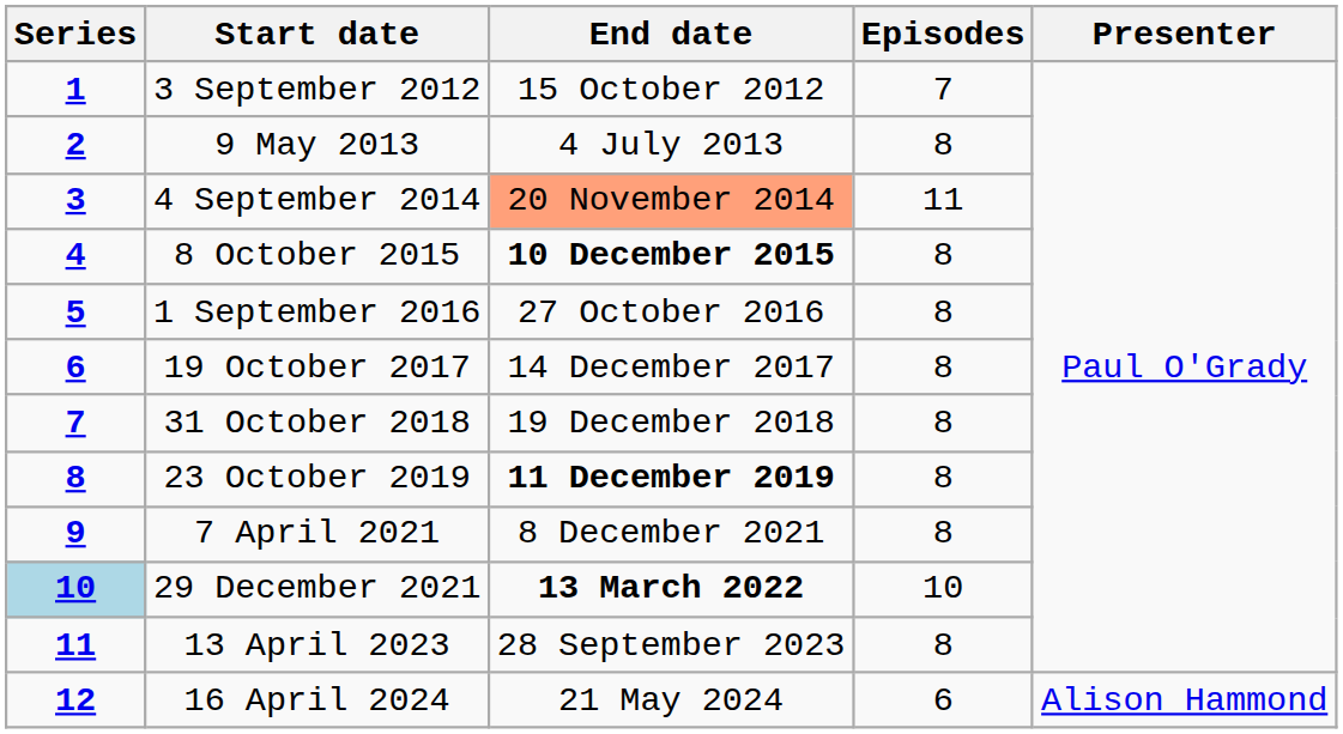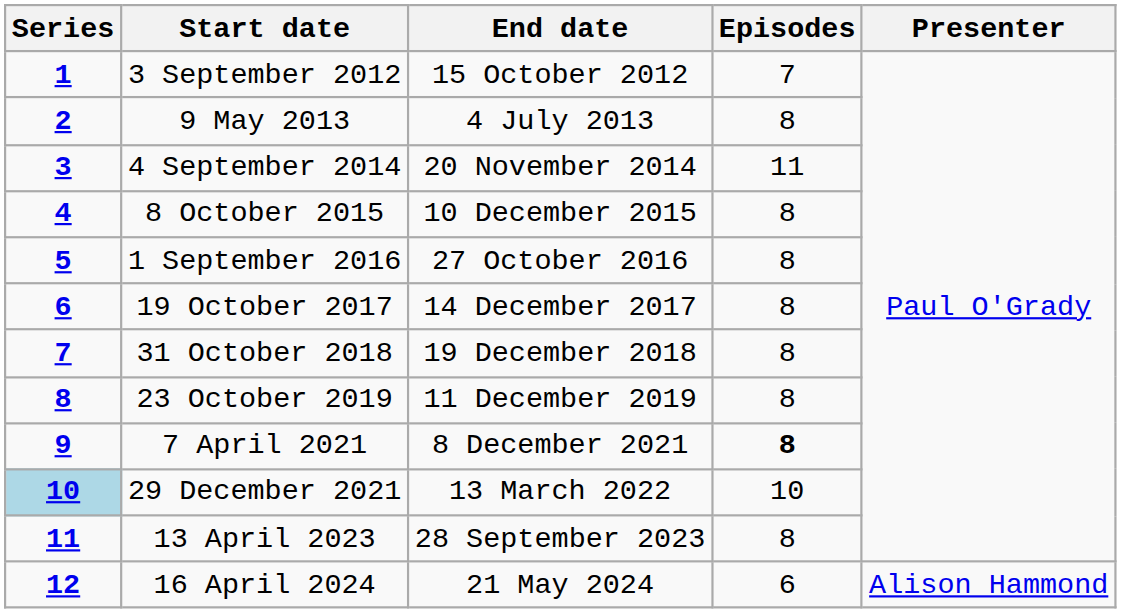 <table class="wikitable" style="text-align:center;">
 <tr>
 <th>Series</th>
 <th>Start date</th>
 <th>End date</th>
 <th>Episodes</th>
 <th>Presenter</th>
 </tr>
 <tr>
 <td><strong><a href='#'>1</a></strong></td>
 <td>3 September 2012</td>
 <td>15 October 2012</td>
 <td>7</td>
 <td rowspan="11"><a href='#'>Paul O'Grady</a></td>
 </tr>
 <tr>
 <td><strong><a href='#'>2</a></strong></td>
 <td>9 May 2013</td>
 <td>4 July 2013</td>
 <td>8</td>
 </tr>
 <tr>
 <td><strong><a href='#'>3</a></strong></td>
 <td>4 September 2014</td>
-<td style="background: lightsalmon;">20 November 2014</td>
+<td>20 November 2014</td>
 <td>11</td>
 </tr>
 <tr>
 <td><strong><a href='#'>4</a></strong></td>
 <td>8 October 2015</td>
-<td><strong>10 December 2015</strong></td>
+<td>10 December 2015</td>
 <td>8</td>
 </tr>
 <tr>
 <td><strong><a href='#'>5</a></strong></td>
 <td>1 September 2016</td>
 <td>27 October 2016</td>
 <td>8</td>
 </tr>
 <tr>
 <td><strong><a href='#'>6</a></strong></td>
 <td>19 October 2017</td>
 <td>14 December 2017</td>
 <td>8</td>
 </tr>
 <tr>
 <td><strong><a href='#'>7</a></strong></td>
 <td>31 October 2018</td>
 <td>19 December 2018</td>
 <td>8</td>
 </tr>
 <tr>
 <td><strong><a href='#'>8</a></strong></td>
 <td>23 October 2019</td>
-<td><strong>11 December 2019</strong></td>
+<td>11 December 2019</td>
 <td>8</td>
 </tr>
 <tr>
 <td><strong><a href='#'>9</a></strong></td>
 <td>7 April 2021</td>
 <td>8 December 2021</td>
-<td>8</td>
+<td><strong>8</strong></td>
 </tr>
 <tr>
 <td style="background: lightblue;"><strong><a href='#'>10</a></strong></td>
 <td>29 December 2021</td>
-<td><strong>13 March 2022</strong></td>
+<td>13 March 2022</td>
 <td>10</td>
 </tr>
 <tr>
 <td><strong><a href='#'>11</a></strong></td>
 <td>13 April 2023</td>
 <td>28 September 2023</td>
 <td>8</td>
 </tr>
 <tr>
 <td><strong><a href='#'>12</a></strong></td>
 <td>16 April 2024</td>
 <td>21 May 2024</td>
 <td>6</td>
 <td><a href='#'>Alison Hammond</a></td>
 </tr>
 </table>
